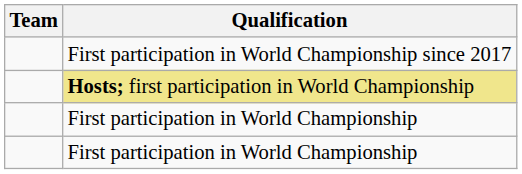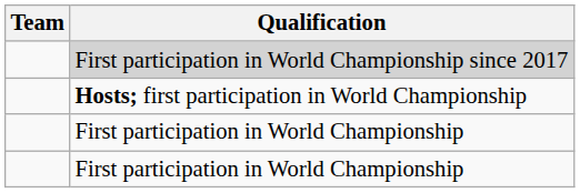 <table class="wikitable">
 <tr>
 <th>Team</th>
 <th>Qualification</th>
 </tr>
 <tr>
 <td></td>
-<td>First participation in World Championship since 2017</td>
+<td style="background: lightgrey;">First participation in World Championship since 2017</td>
 </tr>
 <tr>
 <td></td>
-<td style="background: khaki;"><strong>Hosts;</strong> first participation in World Championship</td>
+<td><strong>Hosts;</strong> first participation in World Championship</td>
 </tr>
 <tr>
 <td></td>
 <td>First participation in World Championship</td>
 </tr>
 <tr>
 <td></td>
 <td>First participation in World Championship</td>
 </tr>
 </table>
